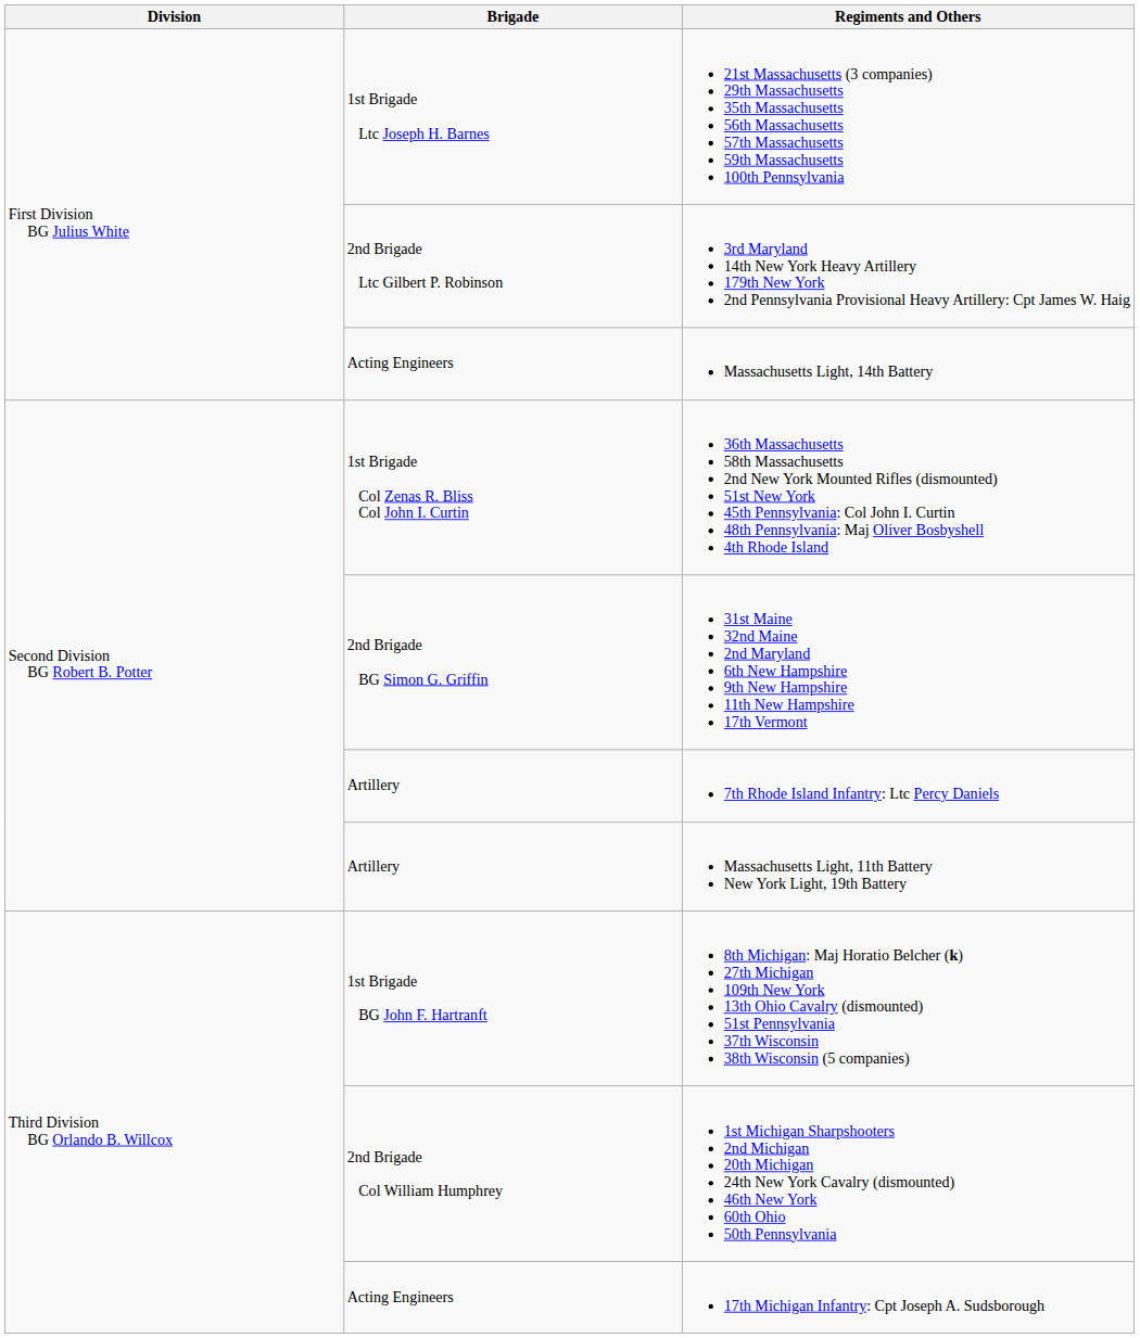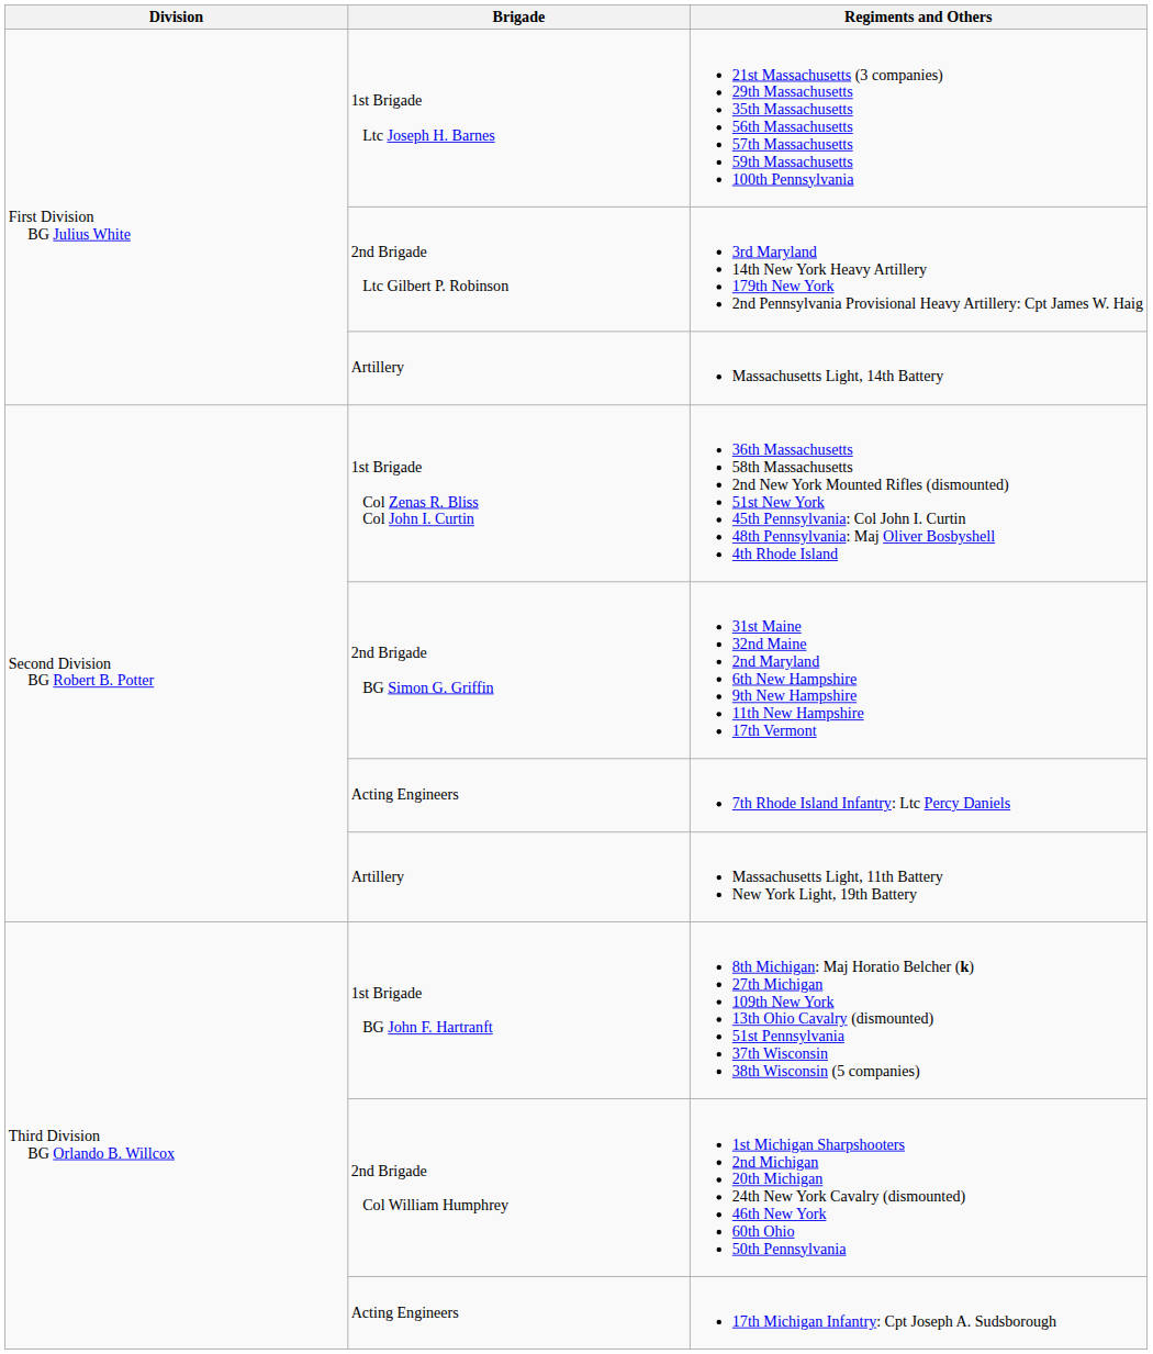 <table class="wikitable">
 <tr>
 <th width=30%>Division</th>
 <th width=30%>Brigade</th>
 <th>Regiments and Others</th>
 </tr>
 <tr>
 <td rowspan=3><br>First Division <br>     BG <a href='#'>Julius White</a></td>
 <td>1st Brigade<br><br>   Ltc <a href='#'>Joseph H. Barnes</a></td>
 <td><br><ul><li><a href='#'>21st Massachusetts</a> (3 companies)</li><li><a href='#'>29th Massachusetts</a></li><li><a href='#'>35th Massachusetts</a></li><li><a href='#'>56th Massachusetts</a></li><li><a href='#'>57th Massachusetts</a></li><li><a href='#'>59th Massachusetts</a></li><li><a href='#'>100th Pennsylvania</a></li></ul></td>
 </tr>
 <tr>
 <td>2nd Brigade<br><br>   Ltc Gilbert P. Robinson</td>
 <td><br><ul><li><a href='#'>3rd Maryland</a></li><li>14th New York Heavy Artillery</li><li><a href='#'>179th New York</a></li><li>2nd Pennsylvania Provisional Heavy Artillery: Cpt James W. Haig</li></ul></td>
 </tr>
 <tr>
-<td>Acting Engineers</td>
+<td>Artillery</td>
 <td><br><ul><li>Massachusetts Light, 14th Battery</li></ul></td>
 </tr>
 <tr>
 <td rowspan=4><br>Second Division <br>     BG <a href='#'>Robert B. Potter</a></td>
 <td>1st Brigade<br><br>   Col <a href='#'>Zenas R. Bliss</a> <br>   Col <a href='#'>John I. Curtin</a></td>
 <td><br><ul><li><a href='#'>36th Massachusetts</a></li><li>58th Massachusetts</li><li>2nd New York Mounted Rifles (dismounted)</li><li><a href='#'>51st New York</a></li><li><a href='#'>45th Pennsylvania</a>: Col John I. Curtin</li><li><a href='#'>48th Pennsylvania</a>: Maj <a href='#'>Oliver Bosbyshell</a></li><li><a href='#'>4th Rhode Island</a></li></ul></td>
 </tr>
 <tr>
 <td>2nd Brigade<br><br>   BG <a href='#'>Simon G. Griffin</a></td>
 <td><br><ul><li><a href='#'>31st Maine</a></li><li><a href='#'>32nd Maine</a></li><li><a href='#'>2nd Maryland</a></li><li><a href='#'>6th New Hampshire</a></li><li><a href='#'>9th New Hampshire</a></li><li><a href='#'>11th New Hampshire</a></li><li><a href='#'>17th Vermont</a></li></ul></td>
 </tr>
 <tr>
-<td>Artillery</td>
+<td>Acting Engineers</td>
 <td><br><ul><li><a href='#'>7th Rhode Island Infantry</a>: Ltc <a href='#'>Percy Daniels</a></li></ul></td>
 </tr>
 <tr>
 <td>Artillery</td>
 <td><br><ul><li>Massachusetts Light, 11th Battery</li><li>New York Light, 19th Battery</li></ul></td>
 </tr>
 <tr>
 <td rowspan=3><br>Third Division <br>     BG <a href='#'>Orlando B. Willcox</a></td>
 <td>1st Brigade<br><br>   BG <a href='#'>John F. Hartranft</a></td>
 <td><br><ul><li><a href='#'>8th Michigan</a>: Maj Horatio Belcher (<strong>k</strong>)</li><li><a href='#'>27th Michigan</a></li><li><a href='#'>109th New York</a></li><li><a href='#'>13th Ohio Cavalry</a> (dismounted)</li><li><a href='#'>51st Pennsylvania</a></li><li><a href='#'>37th Wisconsin</a></li><li><a href='#'>38th Wisconsin</a> (5 companies)</li></ul></td>
 </tr>
 <tr>
 <td>2nd Brigade<br><br>   Col William Humphrey</td>
 <td><br><ul><li><a href='#'>1st Michigan Sharpshooters</a></li><li><a href='#'>2nd Michigan</a></li><li><a href='#'>20th Michigan</a></li><li>24th New York Cavalry (dismounted)</li><li><a href='#'>46th New York</a></li><li><a href='#'>60th Ohio</a></li><li><a href='#'>50th Pennsylvania</a></li></ul></td>
 </tr>
 <tr>
 <td>Acting Engineers</td>
 <td><br><ul><li><a href='#'>17th Michigan Infantry</a>: Cpt Joseph A. Sudsborough</li></ul></td>
 </tr>
 </table>
